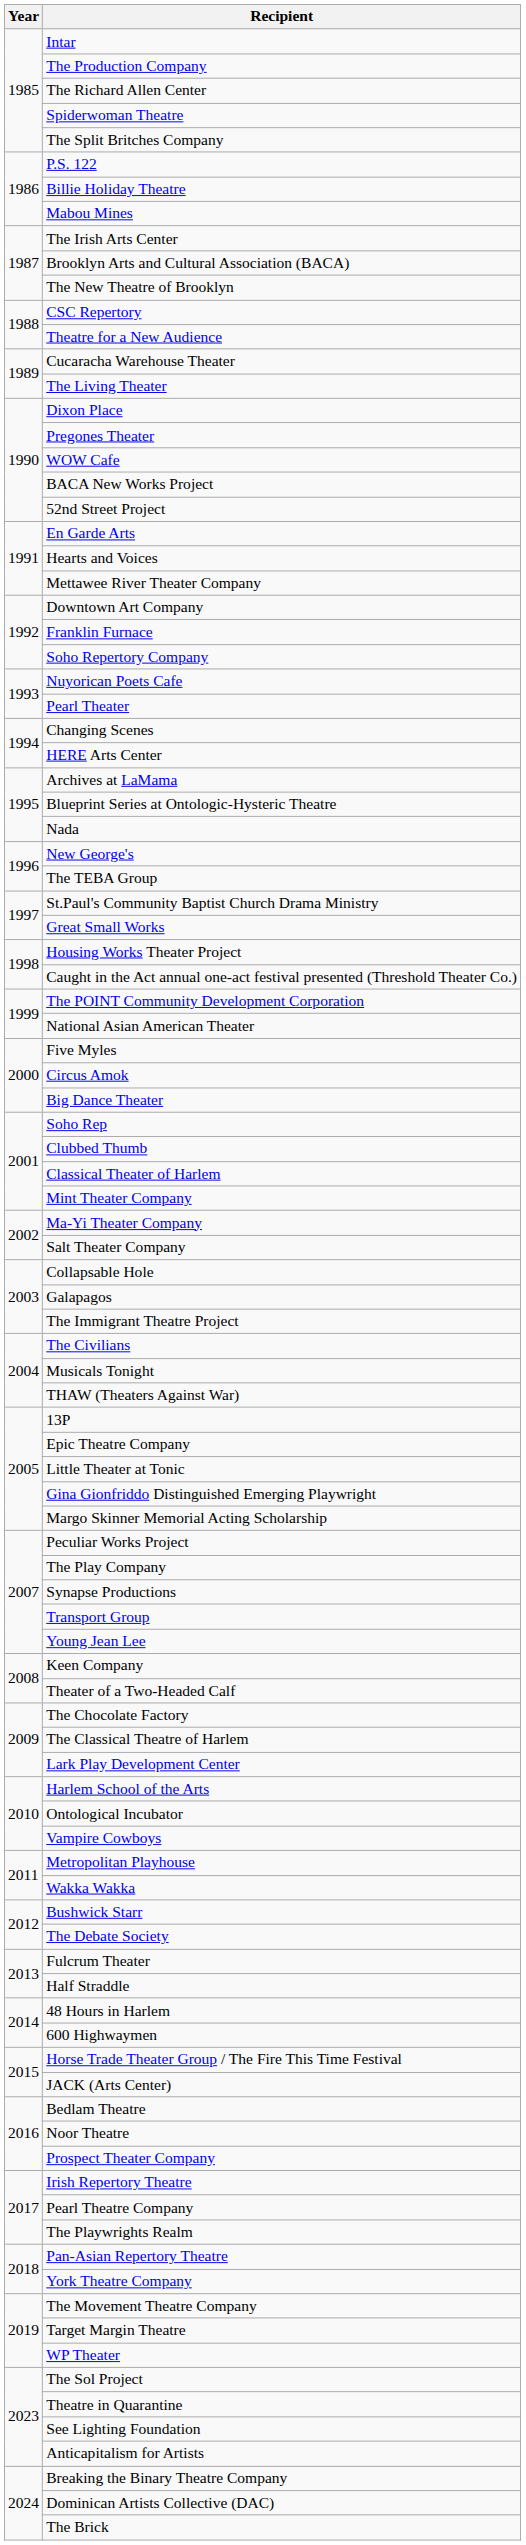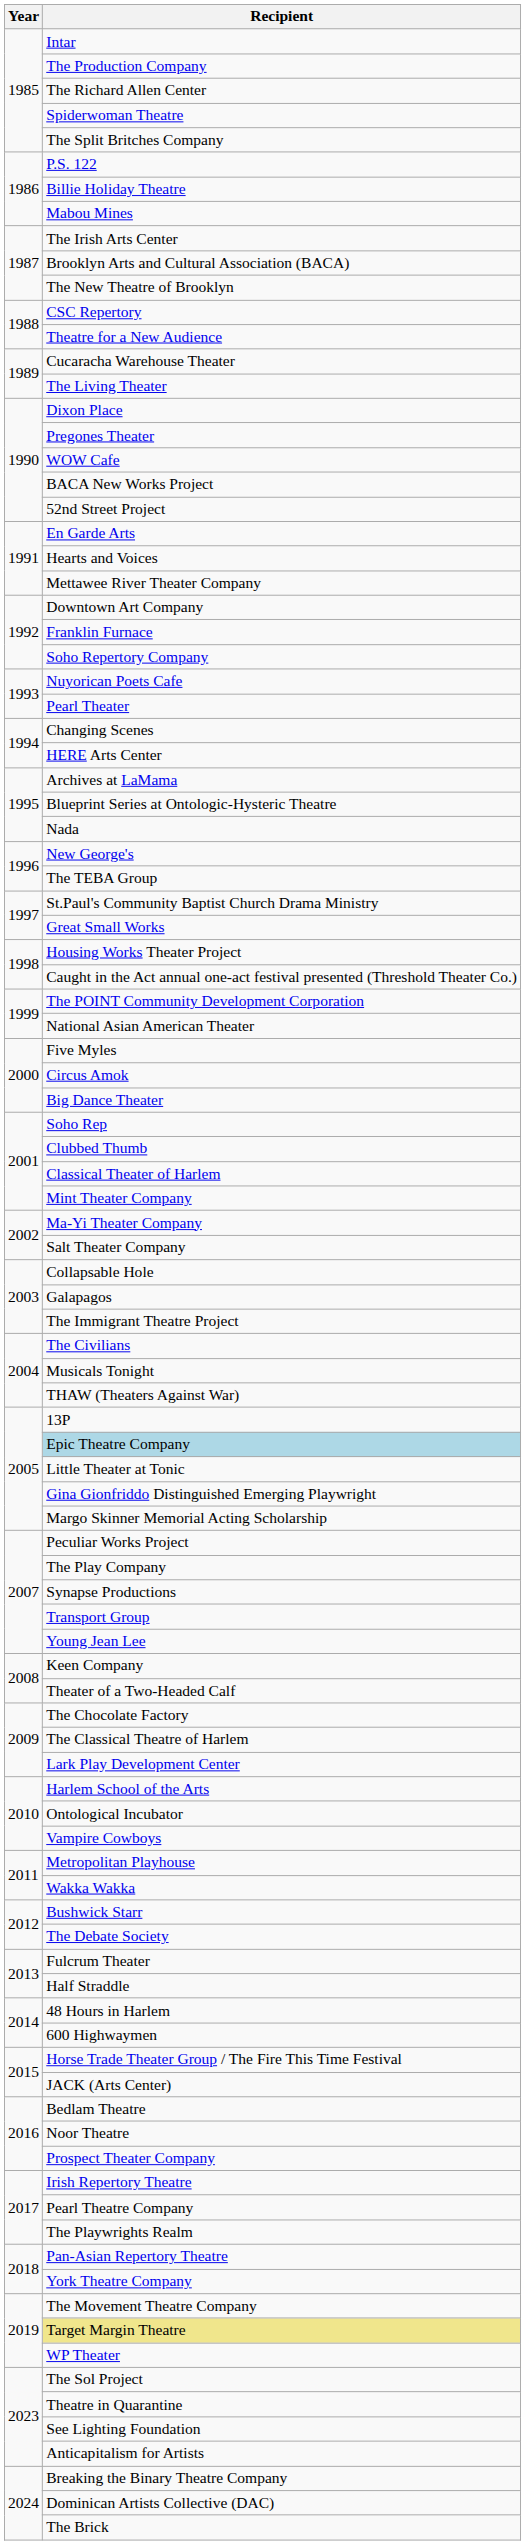 <table class="wikitable">
 <tr>
 <th>Year</th>
 <th>Recipient</th>
 </tr>
 <tr>
 <td rowspan="5">1985</td>
 <td><a href='#'>Intar</a></td>
 </tr>
 <tr>
 <td><a href='#'>The Production Company</a></td>
 </tr>
 <tr>
 <td>The Richard Allen Center</td>
 </tr>
 <tr>
 <td><a href='#'>Spiderwoman Theatre</a></td>
 </tr>
 <tr>
 <td>The Split Britches Company</td>
 </tr>
 <tr>
 <td rowspan="3">1986</td>
 <td><a href='#'>P.S. 122</a></td>
 </tr>
 <tr>
 <td><a href='#'>Billie Holiday Theatre</a></td>
 </tr>
 <tr>
 <td><a href='#'>Mabou Mines</a></td>
 </tr>
 <tr>
 <td rowspan="3">1987</td>
 <td>The Irish Arts Center</td>
 </tr>
 <tr>
 <td>Brooklyn Arts and Cultural Association (BACA)</td>
 </tr>
 <tr>
 <td>The New Theatre of Brooklyn</td>
 </tr>
 <tr>
 <td rowspan="2">1988</td>
 <td><a href='#'>CSC Repertory</a></td>
 </tr>
 <tr>
 <td><a href='#'>Theatre for a New Audience</a></td>
 </tr>
 <tr>
 <td rowspan="2">1989</td>
 <td>Cucaracha Warehouse Theater</td>
 </tr>
 <tr>
 <td><a href='#'>The Living Theater</a></td>
 </tr>
 <tr>
 <td rowspan="5">1990</td>
 <td><a href='#'>Dixon Place</a></td>
 </tr>
 <tr>
 <td><a href='#'>Pregones Theater</a></td>
 </tr>
 <tr>
 <td><a href='#'>WOW Cafe</a></td>
 </tr>
 <tr>
 <td>BACA New Works Project</td>
 </tr>
 <tr>
 <td>52nd Street Project</td>
 </tr>
 <tr>
 <td rowspan="3">1991</td>
 <td><a href='#'>En Garde Arts</a></td>
 </tr>
 <tr>
 <td>Hearts and Voices</td>
 </tr>
 <tr>
 <td>Mettawee River Theater Company</td>
 </tr>
 <tr>
 <td rowspan="3">1992</td>
 <td>Downtown Art Company</td>
 </tr>
 <tr>
 <td><a href='#'>Franklin Furnace</a></td>
 </tr>
 <tr>
 <td><a href='#'>Soho Repertory Company</a></td>
 </tr>
 <tr>
 <td rowspan="2">1993</td>
 <td><a href='#'>Nuyorican Poets Cafe</a></td>
 </tr>
 <tr>
 <td><a href='#'>Pearl Theater</a></td>
 </tr>
 <tr>
 <td rowspan="2">1994</td>
 <td>Changing Scenes</td>
 </tr>
 <tr>
 <td><a href='#'>HERE</a> Arts Center</td>
 </tr>
 <tr>
 <td rowspan="3">1995</td>
 <td>Archives at <a href='#'>LaMama</a></td>
 </tr>
 <tr>
 <td>Blueprint Series at Ontologic-Hysteric Theatre</td>
 </tr>
 <tr>
 <td>Nada</td>
 </tr>
 <tr>
 <td rowspan="2">1996</td>
 <td><a href='#'>New George's</a></td>
 </tr>
 <tr>
 <td>The TEBA Group</td>
 </tr>
 <tr>
 <td rowspan="2">1997</td>
 <td>St.Paul's Community Baptist Church Drama Ministry</td>
 </tr>
 <tr>
 <td><a href='#'>Great Small Works</a></td>
 </tr>
 <tr>
 <td rowspan="2">1998</td>
 <td><a href='#'>Housing Works</a> Theater Project</td>
 </tr>
 <tr>
 <td>Caught in the Act annual one-act festival presented (Threshold Theater Co.)</td>
 </tr>
 <tr>
 <td rowspan="2">1999</td>
 <td><a href='#'>The POINT Community Development Corporation</a></td>
 </tr>
 <tr>
 <td>National Asian American Theater</td>
 </tr>
 <tr>
 <td rowspan="3">2000</td>
 <td>Five Myles</td>
 </tr>
 <tr>
 <td><a href='#'>Circus Amok</a></td>
 </tr>
 <tr>
 <td><a href='#'>Big Dance Theater</a></td>
 </tr>
 <tr>
 <td rowspan="4">2001</td>
 <td><a href='#'>Soho Rep</a></td>
 </tr>
 <tr>
 <td><a href='#'>Clubbed Thumb</a></td>
 </tr>
 <tr>
 <td><a href='#'>Classical Theater of Harlem</a></td>
 </tr>
 <tr>
 <td><a href='#'>Mint Theater Company</a></td>
 </tr>
 <tr>
 <td rowspan="2">2002</td>
 <td><a href='#'>Ma-Yi Theater Company</a></td>
 </tr>
 <tr>
 <td>Salt Theater Company</td>
 </tr>
 <tr>
 <td rowspan="3">2003</td>
 <td>Collapsable Hole</td>
 </tr>
 <tr>
 <td>Galapagos</td>
 </tr>
 <tr>
 <td>The Immigrant Theatre Project</td>
 </tr>
 <tr>
 <td rowspan="3">2004</td>
 <td><a href='#'>The Civilians</a></td>
 </tr>
 <tr>
 <td>Musicals Tonight</td>
 </tr>
 <tr>
 <td>THAW (Theaters Against War)</td>
 </tr>
 <tr>
 <td rowspan="5">2005</td>
 <td>13P</td>
 </tr>
 <tr>
-<td>Epic Theatre Company</td>
+<td style="background: lightblue;">Epic Theatre Company</td>
 </tr>
 <tr>
 <td>Little Theater at Tonic</td>
 </tr>
 <tr>
 <td><a href='#'>Gina Gionfriddo</a> Distinguished Emerging Playwright</td>
 </tr>
 <tr>
 <td>Margo Skinner Memorial Acting Scholarship</td>
 </tr>
 <tr>
 <td rowspan="5">2007</td>
 <td>Peculiar Works Project</td>
 </tr>
 <tr>
 <td>The Play Company</td>
 </tr>
 <tr>
 <td>Synapse Productions</td>
 </tr>
 <tr>
 <td><a href='#'>Transport Group</a></td>
 </tr>
 <tr>
 <td><a href='#'>Young Jean Lee</a></td>
 </tr>
 <tr>
 <td rowspan="2">2008</td>
 <td>Keen Company</td>
 </tr>
 <tr>
 <td>Theater of a Two-Headed Calf</td>
 </tr>
 <tr>
 <td rowspan="3">2009</td>
 <td>The Chocolate Factory</td>
 </tr>
 <tr>
 <td>The Classical Theatre of Harlem</td>
 </tr>
 <tr>
 <td><a href='#'>Lark Play Development Center</a></td>
 </tr>
 <tr>
 <td rowspan="3">2010</td>
 <td><a href='#'>Harlem School of the Arts</a></td>
 </tr>
 <tr>
 <td>Ontological Incubator</td>
 </tr>
 <tr>
 <td><a href='#'>Vampire Cowboys</a></td>
 </tr>
 <tr>
 <td rowspan="2">2011</td>
 <td><a href='#'>Metropolitan Playhouse</a></td>
 </tr>
 <tr>
 <td><a href='#'>Wakka Wakka</a></td>
 </tr>
 <tr>
 <td rowspan="2">2012</td>
 <td><a href='#'>Bushwick Starr</a></td>
 </tr>
 <tr>
 <td><a href='#'>The Debate Society</a></td>
 </tr>
 <tr>
 <td rowspan="2">2013</td>
 <td>Fulcrum Theater</td>
 </tr>
 <tr>
 <td>Half Straddle</td>
 </tr>
 <tr>
 <td rowspan="2">2014</td>
 <td>48 Hours in Harlem</td>
 </tr>
 <tr>
 <td>600 Highwaymen</td>
 </tr>
 <tr>
 <td rowspan="2">2015</td>
 <td><a href='#'>Horse Trade Theater Group</a> / The Fire This Time Festival</td>
 </tr>
 <tr>
 <td>JACK (Arts Center)</td>
 </tr>
 <tr>
 <td rowspan="3">2016</td>
 <td>Bedlam Theatre</td>
 </tr>
 <tr>
 <td>Noor Theatre</td>
 </tr>
 <tr>
 <td><a href='#'>Prospect Theater Company</a></td>
 </tr>
 <tr>
 <td rowspan="3">2017</td>
 <td><a href='#'>Irish Repertory Theatre</a></td>
 </tr>
 <tr>
 <td>Pearl Theatre Company</td>
 </tr>
 <tr>
 <td>The Playwrights Realm</td>
 </tr>
 <tr>
 <td rowspan="2">2018</td>
 <td><a href='#'>Pan-Asian Repertory Theatre</a></td>
 </tr>
 <tr>
 <td><a href='#'>York Theatre Company</a></td>
 </tr>
 <tr>
 <td rowspan="3">2019</td>
 <td>The Movement Theatre Company</td>
 </tr>
 <tr>
-<td>Target Margin Theatre</td>
+<td style="background: khaki;">Target Margin Theatre</td>
 </tr>
 <tr>
 <td><a href='#'>WP Theater</a></td>
 </tr>
 <tr>
 <td rowspan="4">2023</td>
 <td>The Sol Project</td>
 </tr>
 <tr>
 <td>Theatre in Quarantine</td>
 </tr>
 <tr>
 <td>See Lighting Foundation</td>
 </tr>
 <tr>
 <td>Anticapitalism for Artists</td>
 </tr>
 <tr>
 <td rowspan="3">2024</td>
 <td>Breaking the Binary Theatre Company</td>
 </tr>
 <tr>
 <td>Dominican Artists Collective (DAC)</td>
 </tr>
 <tr>
 <td>The Brick</td>
 </tr>
 </table>
